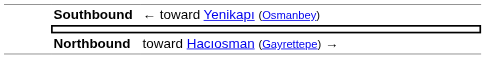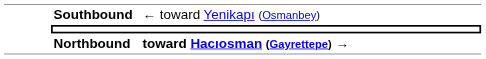 <table table border=0 cellspacing=0 cellpadding=3>
 <tr>
 <td style="border-top:solid 1px gray;border-bottom:solid 1px gray;" width=50 rowspan=3 valign=top></td>
 <td style="border-top:solid 1px gray;" width=100><strong>Southbound</strong></td>
 <td style="border-top:solid 1px gray;" width=400>←  toward <a href='#'>Yenikapı</a> <small>(<a href='#'>Osmanbey</a>)</small></td>
 </tr>
 <tr>
 <td style="border-top:solid 2px black;border-right:solid 2px black;border-left:solid 2px black;border-bottom:solid 2px black;text-align:center;" colspan=2></td>
 </tr>
 <tr>
 <td style="border-bottom:solid 1px gray;"><strong>Northbound</strong></td>
-<td style="border-bottom:solid 1px gray;"> toward <a href='#'>Hacıosman</a> <small>(<a href='#'>Gayrettepe</a>)</small> →</td>
+<td style="border-bottom:solid 1px gray;"><strong> toward <a href='#'>Hacıosman</a> <small>(<a href='#'>Gayrettepe</a>)</small> →</strong></td>
 </tr>
 </table>
